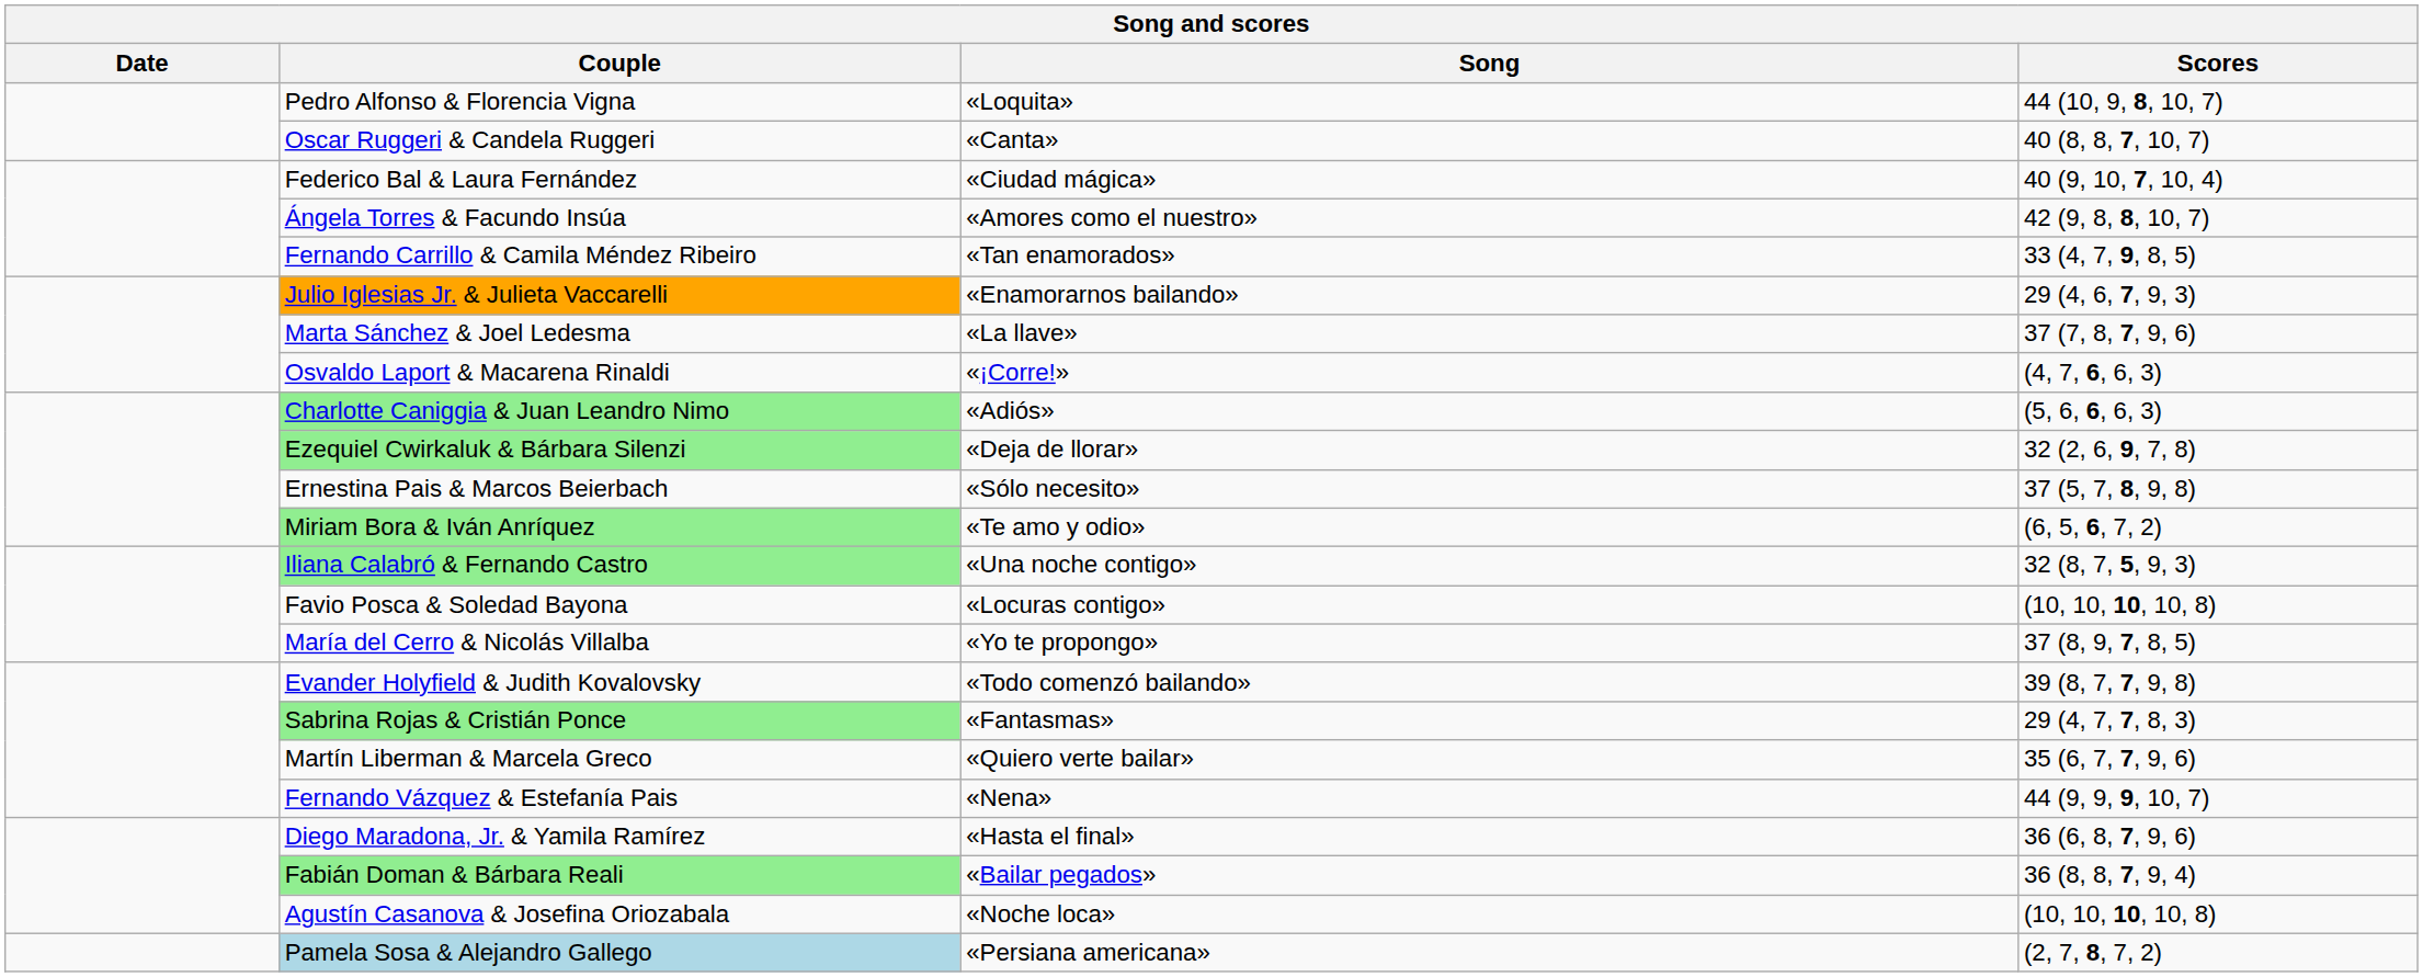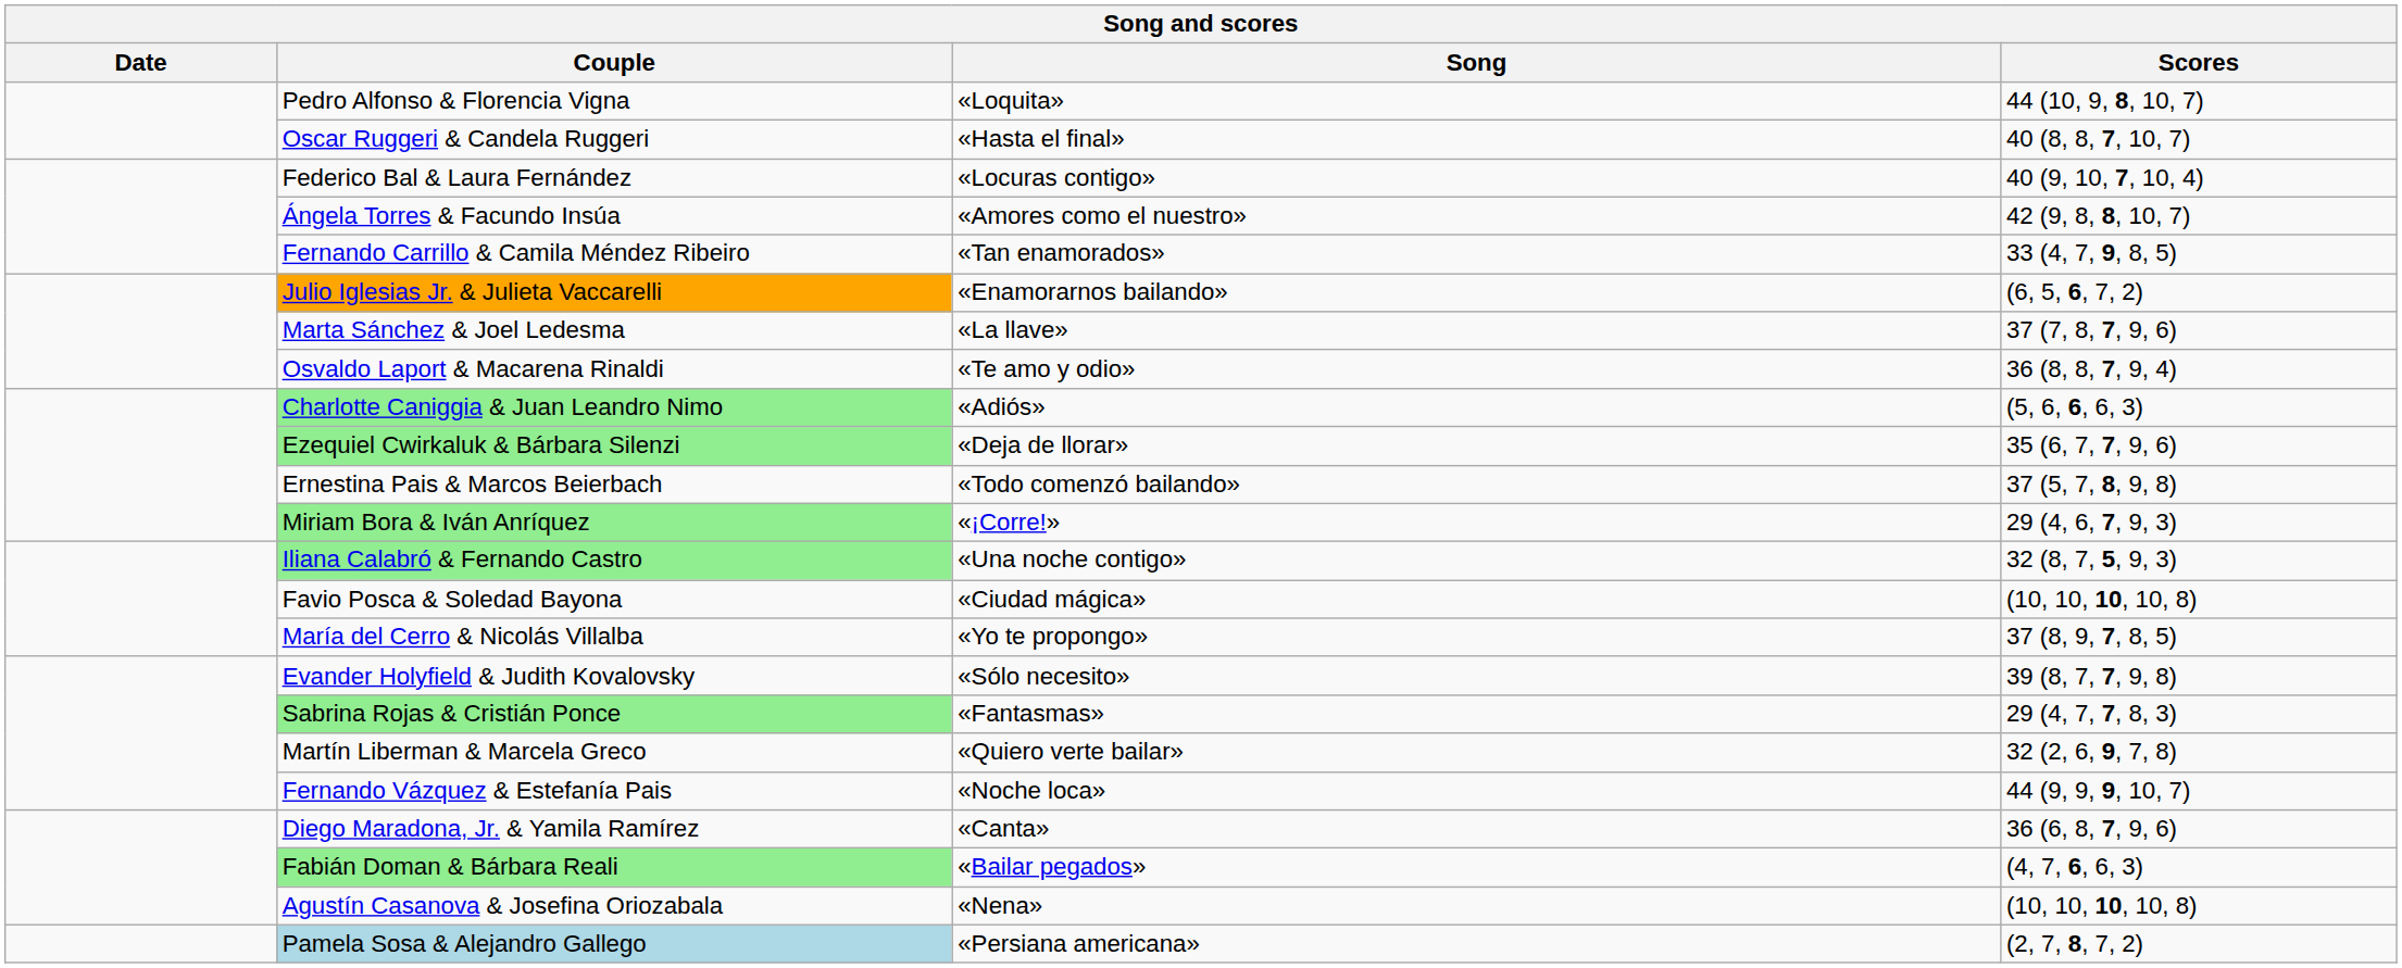 <table class="wikitable collapsible collapsed" style=" text-align: align; width: 100%;">
 <tr>
 <th colspan="11" style="with: 100%;" align="center">Song and scores</th>
 </tr>
 <tr>
 <th width=80>Date</th>
 <th width=210>Couple</th>
 <th width=330>Song</th>
 <th width=120>Scores</th>
 </tr>
 <tr>
 <td rowspan="2"></td>
 <td bgcolor="">Pedro Alfonso & Florencia Vigna</td>
 <td>«Loquita» </td>
 <td>44 (10, 9, <strong>8</strong>, 10, 7)</td>
 </tr>
 <tr>
 <td bgcolor=""><a href='#'>Oscar Ruggeri</a> & Candela Ruggeri</td>
-<td>«Canta» </td>
+<td>«Hasta el final» </td>
 <td>40 (8, 8, <strong>7</strong>, 10, 7)</td>
 </tr>
 <tr>
 <td rowspan="3"></td>
 <td bgcolor="">Federico Bal & Laura Fernández</td>
-<td>«Ciudad mágica» </td>
+<td>«Locuras contigo» </td>
 <td>40 (9, 10, <strong>7</strong>, 10, 4)</td>
 </tr>
 <tr>
 <td bgcolor=""><a href='#'>Ángela Torres</a> & Facundo Insúa</td>
 <td>«Amores como el nuestro» </td>
 <td>42 (9, 8, <strong>8</strong>, 10, 7)</td>
 </tr>
 <tr>
 <td bgcolor=""><a href='#'>Fernando Carrillo</a> & Camila Méndez Ribeiro</td>
 <td>«Tan enamorados» </td>
 <td>33 (4, 7, <strong>9</strong>, 8, 5)</td>
 </tr>
 <tr>
 <td rowspan="3"></td>
 <td bgcolor="orange"><a href='#'>Julio Iglesias Jr.</a> & Julieta Vaccarelli</td>
 <td>«Enamorarnos bailando» </td>
-<td>29 (4, 6, <strong>7</strong>, 9, 3)</td>
+<td> (6, 5, <strong>6</strong>, 7, 2)</td>
 </tr>
 <tr>
 <td bgcolor=""><a href='#'>Marta Sánchez</a> & Joel Ledesma</td>
 <td>«La llave» </td>
 <td>37 (7, 8, <strong>7</strong>, 9, 6)</td>
 </tr>
 <tr>
 <td bgcolor=""><a href='#'>Osvaldo Laport</a> & Macarena Rinaldi</td>
-<td>«<a href='#'>¡Corre!</a>» </td>
-<td> (4, 7, <strong>6</strong>, 6, 3)</td>
+<td>«Te amo y odio» </td>
+<td>36 (8, 8, <strong>7</strong>, 9, 4)</td>
 </tr>
 <tr>
 <td rowspan="4"></td>
 <td bgcolor="lightgreen"><a href='#'>Charlotte Caniggia</a> & Juan Leandro Nimo</td>
 <td>«Adiós» </td>
 <td> (5, 6, <strong>6</strong>, 6, 3)</td>
 </tr>
 <tr>
 <td bgcolor="lightgreen">Ezequiel Cwirkaluk & Bárbara Silenzi</td>
 <td>«Deja de llorar» </td>
-<td>32 (2, 6, <strong>9</strong>, 7, 8)</td>
+<td>35 (6, 7, <strong>7</strong>, 9, 6)</td>
 </tr>
 <tr>
 <td bgcolor="">Ernestina Pais & Marcos Beierbach</td>
-<td>«Sólo necesito» </td>
+<td>«Todo comenzó bailando» </td>
 <td>37 (5, 7, <strong>8</strong>, 9, 8)</td>
 </tr>
 <tr>
 <td bgcolor="lightgreen">Miriam Bora & Iván Anríquez</td>
-<td>«Te amo y odio» </td>
-<td> (6, 5, <strong>6</strong>, 7, 2)</td>
+<td>«<a href='#'>¡Corre!</a>» </td>
+<td>29 (4, 6, <strong>7</strong>, 9, 3)</td>
 </tr>
 <tr>
 <td rowspan="3"></td>
 <td bgcolor="lightgreen"><a href='#'>Iliana Calabró</a> & Fernando Castro</td>
 <td>«Una noche contigo» </td>
 <td>32 (8, 7, <strong>5</strong>, 9, 3)</td>
 </tr>
 <tr>
 <td bgcolor="">Favio Posca & Soledad Bayona</td>
-<td>«Locuras contigo» </td>
+<td>«Ciudad mágica» </td>
 <td> (10, 10, <strong>10</strong>, 10, 8)</td>
 </tr>
 <tr>
 <td bgcolor=""><a href='#'>María del Cerro</a> & Nicolás Villalba</td>
 <td>«Yo te propongo» </td>
 <td>37 (8, 9, <strong>7</strong>, 8, 5)</td>
 </tr>
 <tr>
 <td rowspan="4"></td>
 <td bgcolor=""><a href='#'>Evander Holyfield</a> & Judith Kovalovsky</td>
-<td>«Todo comenzó bailando» </td>
+<td>«Sólo necesito» </td>
 <td>39 (8, 7, <strong>7</strong>, 9, 8)</td>
 </tr>
 <tr>
 <td bgcolor="lightgreen">Sabrina Rojas & Cristián Ponce</td>
 <td>«Fantasmas» </td>
 <td>29 (4, 7, <strong>7</strong>, 8, 3)</td>
 </tr>
 <tr>
 <td bgcolor="">Martín Liberman & Marcela Greco</td>
 <td>«Quiero verte bailar» </td>
-<td>35 (6, 7, <strong>7</strong>, 9, 6)</td>
+<td>32 (2, 6, <strong>9</strong>, 7, 8)</td>
 </tr>
 <tr>
 <td bgcolor=""><a href='#'>Fernando Vázquez</a> & Estefanía Pais</td>
-<td>«Nena» </td>
+<td>«Noche loca» </td>
 <td>44 (9, 9, <strong>9</strong>, 10, 7)</td>
 </tr>
 <tr>
 <td rowspan="3"></td>
 <td bgcolor=""><a href='#'>Diego Maradona, Jr.</a> & Yamila Ramírez</td>
-<td>«Hasta el final» </td>
+<td>«Canta» </td>
 <td>36 (6, 8, <strong>7</strong>, 9, 6)</td>
 </tr>
 <tr>
 <td bgcolor="lightgreen">Fabián Doman & Bárbara Reali</td>
 <td>«<a href='#'>Bailar pegados</a>» </td>
-<td>36 (8, 8, <strong>7</strong>, 9, 4)</td>
+<td> (4, 7, <strong>6</strong>, 6, 3)</td>
 </tr>
 <tr>
 <td bgcolor=""><a href='#'>Agustín Casanova</a> & Josefina Oriozabala</td>
-<td>«Noche loca» </td>
+<td>«Nena» </td>
 <td> (10, 10, <strong>10</strong>, 10, 8)</td>
 </tr>
 <tr>
 <td rowspan="1"></td>
 <td bgcolor="lightblue">Pamela Sosa & Alejandro Gallego</td>
 <td>«Persiana americana» </td>
 <td> (2, 7, <strong>8</strong>, 7, 2)</td>
 </tr>
 </table>
